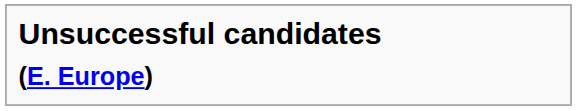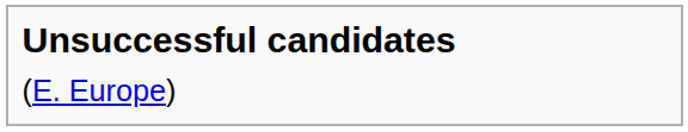 <table class="infobox" width="300px">
 <tr>
 <td><strong>Unsuccessful candidates</strong></td>
 </tr>
 <tr>
-<td><strong> <small>(<a href='#'>E. Europe</a>)</small></strong></td>
+<td> <small>(<a href='#'>E. Europe</a>)</small></td>
 </tr>
 </table>
